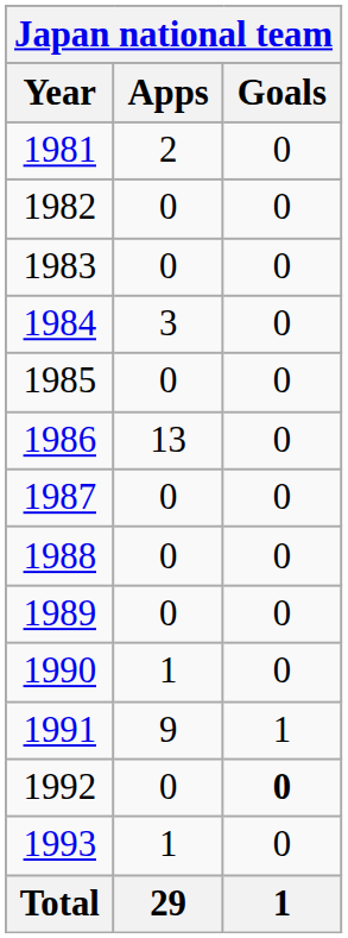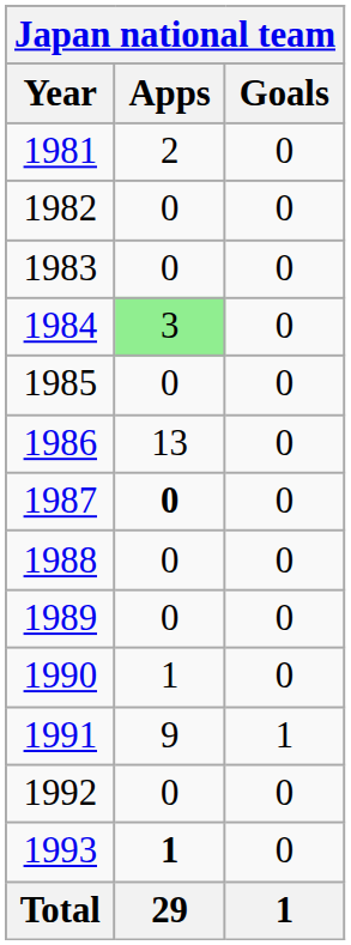 <table class="wikitable" style="text-align:center">
 <tr>
 <th colspan=3><a href='#'>Japan national team</a></th>
 </tr>
 <tr>
 <th>Year</th>
 <th>Apps</th>
 <th>Goals</th>
 </tr>
 <tr>
 <td><a href='#'>1981</a></td>
 <td>2</td>
 <td>0</td>
 </tr>
 <tr>
 <td>1982</td>
 <td>0</td>
 <td>0</td>
 </tr>
 <tr>
 <td>1983</td>
 <td>0</td>
 <td>0</td>
 </tr>
 <tr>
 <td><a href='#'>1984</a></td>
-<td>3</td>
+<td style="background: lightgreen;">3</td>
 <td>0</td>
 </tr>
 <tr>
 <td>1985</td>
 <td>0</td>
 <td>0</td>
 </tr>
 <tr>
 <td><a href='#'>1986</a></td>
 <td>13</td>
 <td>0</td>
 </tr>
 <tr>
 <td><a href='#'>1987</a></td>
-<td>0</td>
+<td><strong>0</strong></td>
 <td>0</td>
 </tr>
 <tr>
 <td><a href='#'>1988</a></td>
 <td>0</td>
 <td>0</td>
 </tr>
 <tr>
 <td><a href='#'>1989</a></td>
 <td>0</td>
 <td>0</td>
 </tr>
 <tr>
 <td><a href='#'>1990</a></td>
 <td>1</td>
 <td>0</td>
 </tr>
 <tr>
 <td><a href='#'>1991</a></td>
 <td>9</td>
 <td>1</td>
 </tr>
 <tr>
 <td>1992</td>
 <td>0</td>
-<td><strong>0</strong></td>
+<td>0</td>
 </tr>
 <tr>
 <td><a href='#'>1993</a></td>
-<td>1</td>
+<td><strong>1</strong></td>
 <td>0</td>
 </tr>
 <tr>
 <th>Total</th>
 <th>29</th>
 <th>1</th>
 </tr>
 </table>
